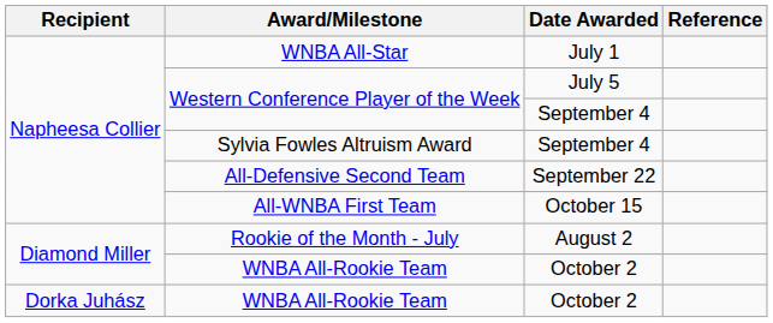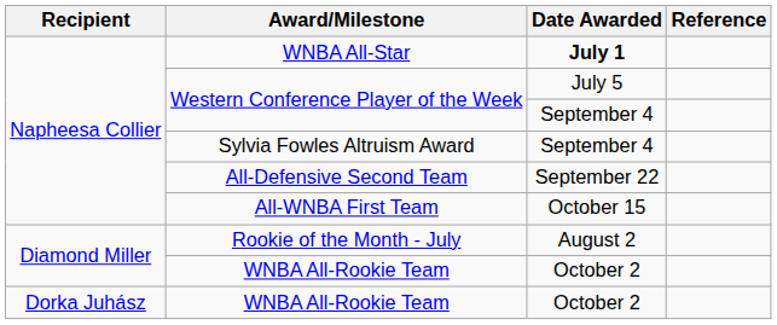 <table class="wikitable sortable sortable" style="text-align: center">
 <tr>
 <th>Recipient</th>
 <th>Award/Milestone</th>
 <th>Date Awarded</th>
 <th>Reference</th>
 </tr>
 <tr>
 <td rowspan=6><a href='#'>Napheesa Collier</a></td>
 <td><a href='#'>WNBA All-Star</a></td>
-<td>July 1</td>
+<td><strong>July 1</strong></td>
 <td></td>
 </tr>
 <tr>
 <td rowspan=2><a href='#'>Western Conference Player of the Week</a></td>
 <td>July 5</td>
 <td></td>
 </tr>
 <tr>
 <td>September 4</td>
 <td></td>
 </tr>
 <tr>
 <td>Sylvia Fowles Altruism Award</td>
 <td>September 4</td>
 <td></td>
 </tr>
 <tr>
 <td><a href='#'>All-Defensive Second Team</a></td>
 <td>September 22</td>
 <td></td>
 </tr>
 <tr>
 <td><a href='#'>All-WNBA First Team</a></td>
 <td>October 15</td>
 <td></td>
 </tr>
 <tr>
 <td rowspan=2><a href='#'>Diamond Miller</a></td>
 <td><a href='#'>Rookie of the Month - July</a></td>
 <td>August 2</td>
 <td></td>
 </tr>
 <tr>
 <td><a href='#'>WNBA All-Rookie Team</a></td>
 <td>October 2</td>
 <td></td>
 </tr>
 <tr>
 <td><a href='#'>Dorka Juhász</a></td>
 <td><a href='#'>WNBA All-Rookie Team</a></td>
 <td>October 2</td>
 <td></td>
 </tr>
 </table>
